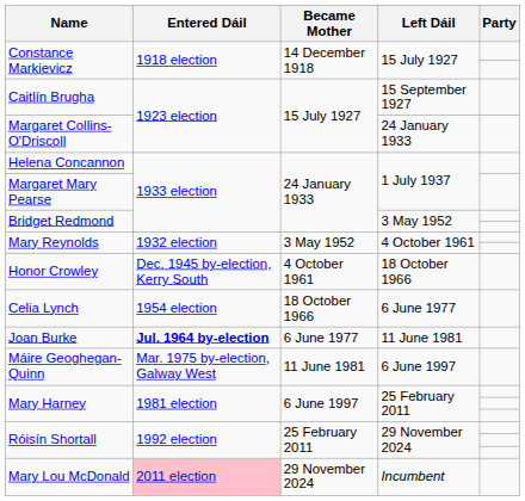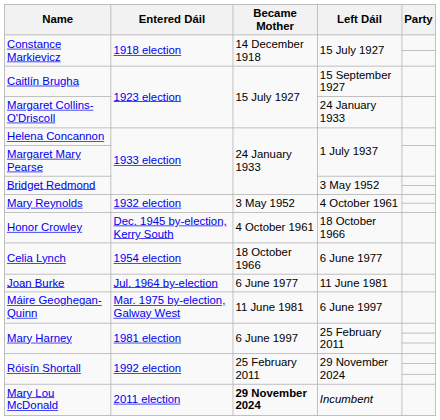 <table class="wikitable">
 <tr>
 <th>Name</th>
 <th>Entered Dáil</th>
 <th>Became Mother</th>
 <th>Left Dáil</th>
 <th colspan=2>Party</th>
 </tr>
 <tr>
 <td rowspan=2><a href='#'>Constance Markievicz</a></td>
 <td rowspan=2><a href='#'>1918 election</a></td>
 <td rowspan=2>14 December 1918</td>
 <td rowspan=2>15 July 1927</td>
 <td></td>
 </tr>
 <tr>
 <td></td>
 </tr>
 <tr>
 <td><a href='#'>Caitlín Brugha</a></td>
 <td rowspan=2><a href='#'>1923 election</a></td>
 <td rowspan=2>15 July 1927</td>
 <td>15 September 1927</td>
 <td></td>
 </tr>
 <tr>
 <td><a href='#'>Margaret Collins-O'Driscoll</a></td>
 <td>24 January 1933</td>
 <td></td>
 </tr>
 <tr>
 <td><a href='#'>Helena Concannon</a></td>
 <td rowspan=4><a href='#'>1933 election</a></td>
 <td rowspan=4>24 January 1933</td>
 <td rowspan=2>1 July 1937</td>
 <td></td>
 </tr>
 <tr>
 <td><a href='#'>Margaret Mary Pearse</a></td>
 <td></td>
 </tr>
 <tr>
 <td rowspan=2><a href='#'>Bridget Redmond</a></td>
 <td rowspan=2>3 May 1952</td>
 <td></td>
 </tr>
 <tr>
 <td></td>
 </tr>
 <tr>
 <td rowspan=2><a href='#'>Mary Reynolds</a></td>
 <td rowspan=2><a href='#'>1932 election</a></td>
 <td rowspan=2>3 May 1952</td>
 <td rowspan=2>4 October 1961</td>
 <td></td>
 </tr>
 <tr>
 <td></td>
 </tr>
 <tr>
 <td><a href='#'>Honor Crowley</a></td>
 <td><a href='#'>Dec. 1945 by-election, Kerry South</a></td>
 <td>4 October 1961</td>
 <td>18 October 1966</td>
 <td></td>
 </tr>
 <tr>
 <td><a href='#'>Celia Lynch</a></td>
 <td><a href='#'>1954 election</a></td>
 <td>18 October 1966</td>
 <td>6 June 1977</td>
 <td></td>
 </tr>
 <tr>
 <td><a href='#'>Joan Burke</a></td>
-<td><strong><a href='#'>Jul. 1964 by-election</a></strong></td>
+<td><a href='#'>Jul. 1964 by-election</a></td>
 <td>6 June 1977</td>
 <td>11 June 1981</td>
 <td></td>
 </tr>
 <tr>
 <td><a href='#'>Máire Geoghegan-Quinn</a></td>
 <td><a href='#'>Mar. 1975 by-election, Galway West</a></td>
 <td>11 June 1981</td>
 <td>6 June 1997</td>
 <td></td>
 </tr>
 <tr>
 <td rowspan=3><a href='#'>Mary Harney</a></td>
 <td rowspan=3><a href='#'>1981 election</a></td>
 <td rowspan=3>6 June 1997</td>
 <td rowspan=3>25 February 2011</td>
 <td></td>
 </tr>
 <tr>
 <td></td>
 </tr>
 <tr>
 <td></td>
 </tr>
 <tr>
 <td rowspan=3><a href='#'>Róisín Shortall</a></td>
 <td rowspan=3><a href='#'>1992 election</a></td>
 <td rowspan=3>25 February 2011</td>
 <td rowspan=3>29 November 2024</td>
 <td></td>
 </tr>
 <tr>
 <td></td>
 </tr>
 <tr>
 <td></td>
 </tr>
 <tr>
 <td><a href='#'>Mary Lou McDonald</a></td>
-<td style="background: pink;"><a href='#'>2011 election</a></td>
-<td>29 November 2024</td>
+<td><a href='#'>2011 election</a></td>
+<td><strong>29 November 2024</strong></td>
 <td><em>Incumbent</em></td>
 <td></td>
 </tr>
 </table>
